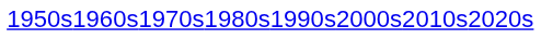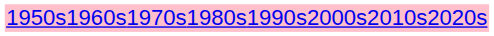 <table id=toc class=toc summary=Contents>
 <tr>
 <th></th>
 </tr>
 <tr>
-<td align=center><a href='#'>1950s</a><a href='#'>1960s</a><a href='#'>1970s</a><a href='#'>1980s</a><a href='#'>1990s</a><a href='#'>2000s</a><a href='#'>2010s</a><a href='#'>2020s</a></td>
+<td align=center style="background: pink;"><a href='#'>1950s</a><a href='#'>1960s</a><a href='#'>1970s</a><a href='#'>1980s</a><a href='#'>1990s</a><a href='#'>2000s</a><a href='#'>2010s</a><a href='#'>2020s</a></td>
 </tr>
 </table>
